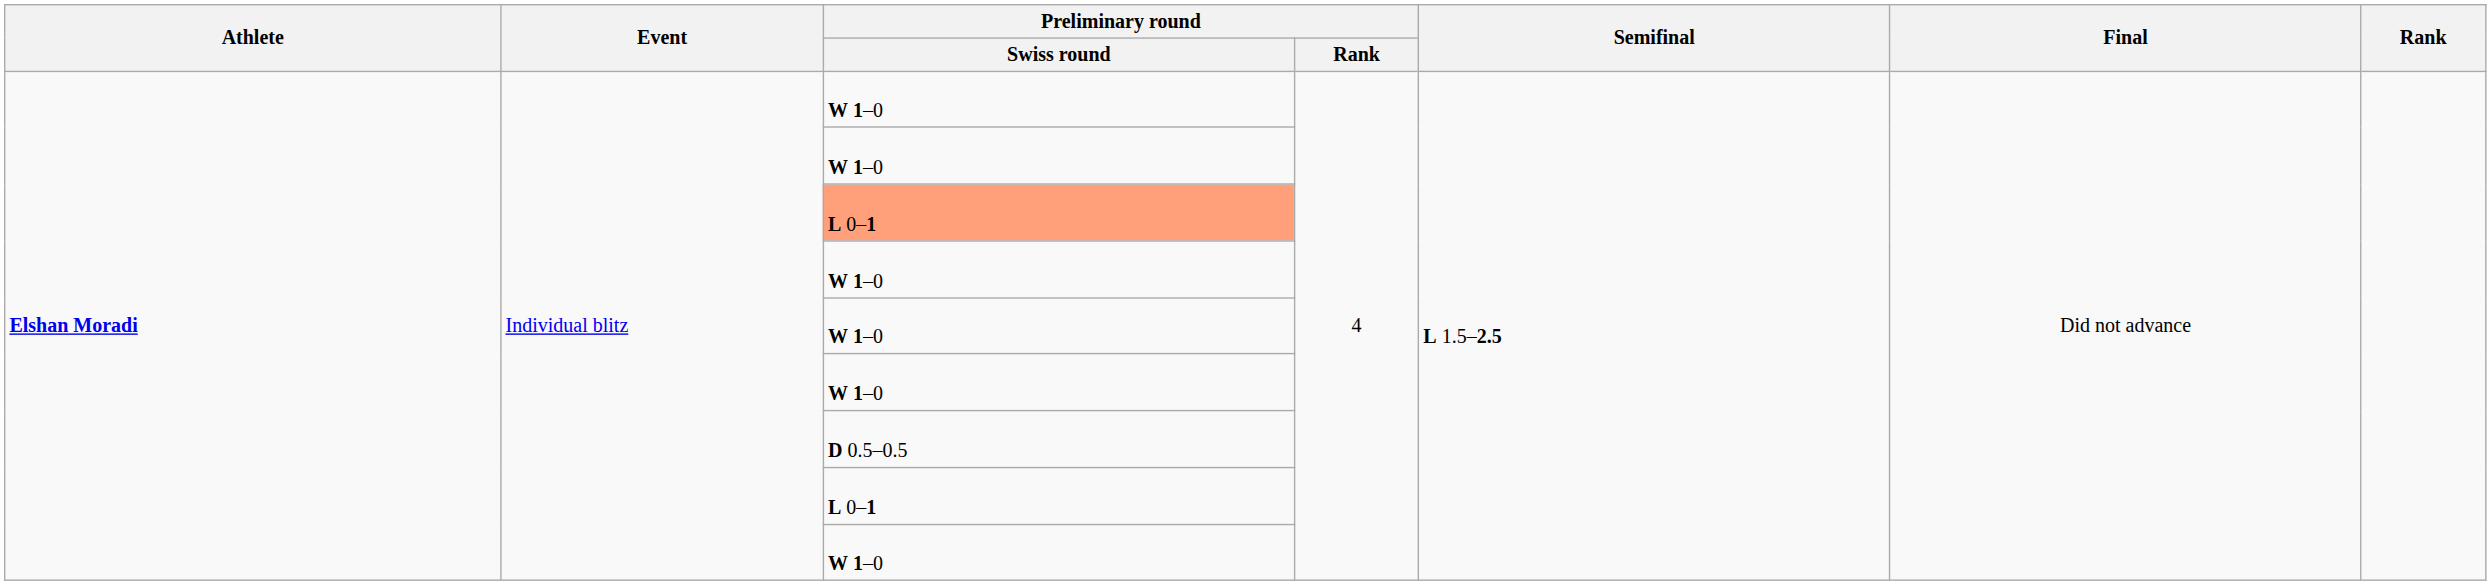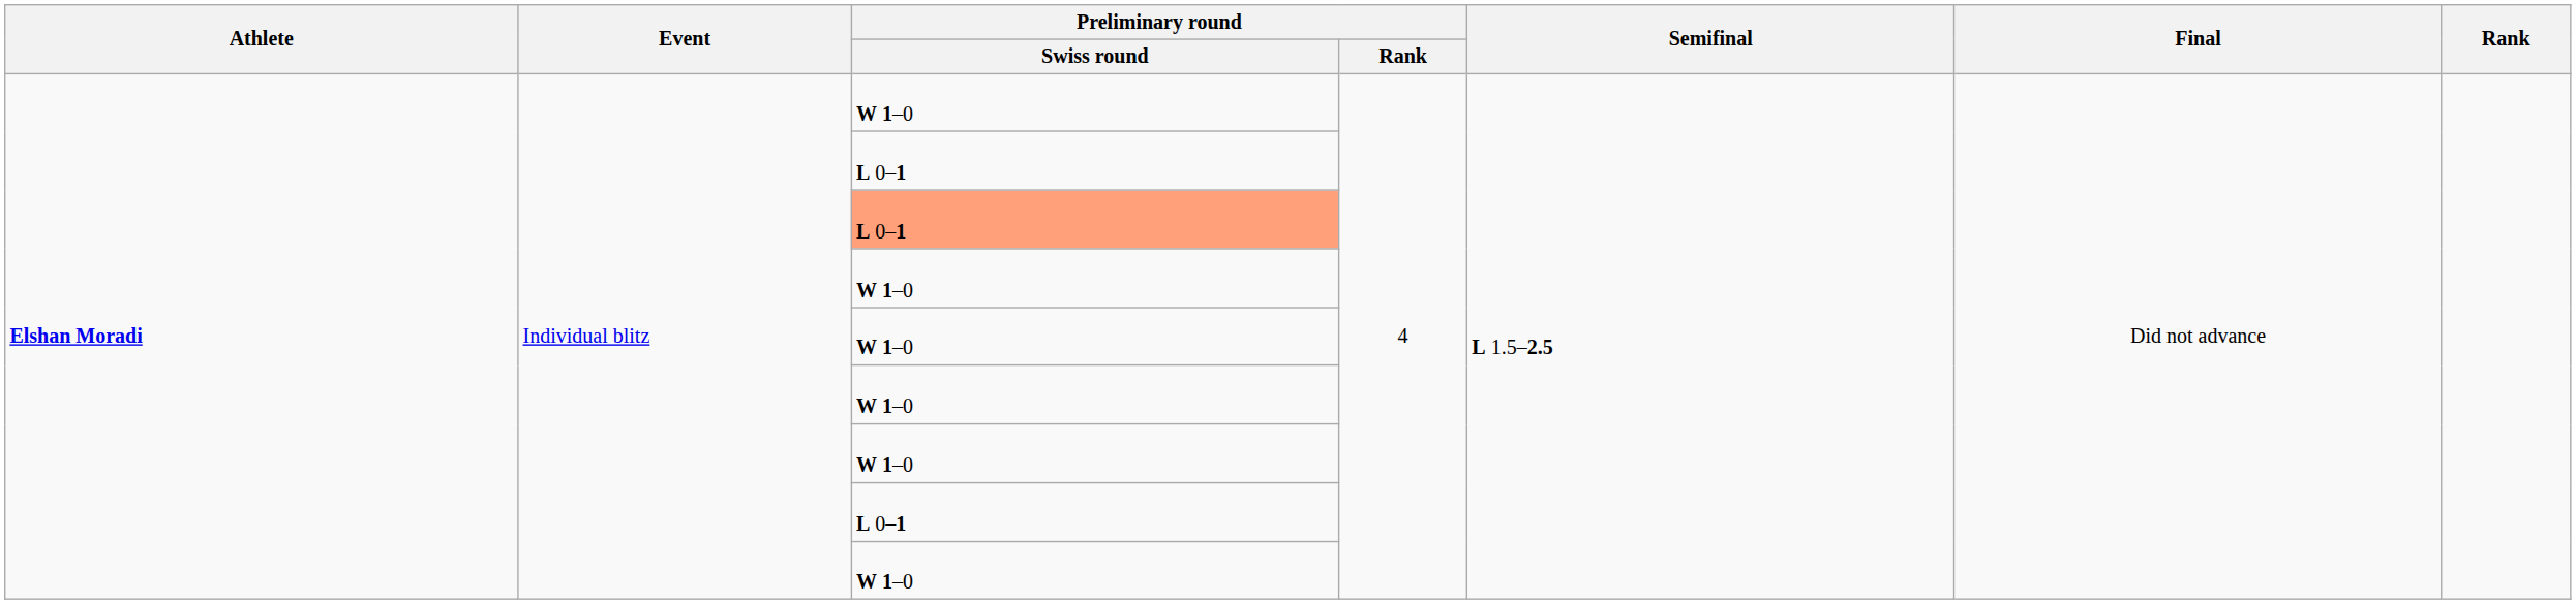 <table class="wikitable" width="90%" style="text-align:left; font-size:90%">
 <tr>
 <th rowspan="2" width="20%">Athlete</th>
 <th rowspan="2" width="13%">Event</th>
 <th colspan="2">Preliminary round</th>
 <th rowspan="2" width="19%">Semifinal</th>
 <th rowspan="2" width="19%">Final</th>
 <th rowspan="2" width="5%">Rank</th>
 </tr>
 <tr>
 <th width="19%">Swiss round</th>
 <th width="5%">Rank</th>
 </tr>
 <tr>
 <td rowspan="9"><strong><a href='#'>Elshan Moradi</a></strong></td>
 <td rowspan="9"><a href='#'>Individual blitz</a></td>
 <td><br><strong>W</strong> <strong>1</strong>–0</td>
 <td rowspan="9" align=center>4 <strong></strong></td>
 <td rowspan="9"><br><strong>L</strong> 1.5–<strong>2.5</strong></td>
 <td rowspan="9" align=center>Did not advance</td>
 <td rowspan="9" align="center"></td>
 </tr>
 <tr>
-<td><br><strong>W</strong> <strong>1</strong>–0</td>
+<td><br><strong>L</strong> 0–<strong>1</strong></td>
 </tr>
 <tr>
 <td style="background: lightsalmon;"><br><strong>L</strong> 0–<strong>1</strong></td>
 </tr>
 <tr>
 <td><br><strong>W</strong> <strong>1</strong>–0</td>
 </tr>
 <tr>
 <td><br><strong>W</strong> <strong>1</strong>–0</td>
 </tr>
 <tr>
 <td><br><strong>W</strong> <strong>1</strong>–0</td>
 </tr>
 <tr>
-<td><br><strong>D</strong> 0.5–0.5</td>
+<td><br><strong>W</strong> <strong>1</strong>–0</td>
 </tr>
 <tr>
 <td><br><strong>L</strong> 0–<strong>1</strong></td>
 </tr>
 <tr>
 <td><br><strong>W</strong> <strong>1</strong>–0</td>
 </tr>
 </table>
